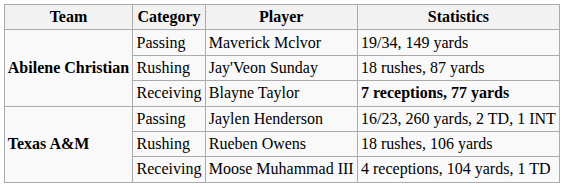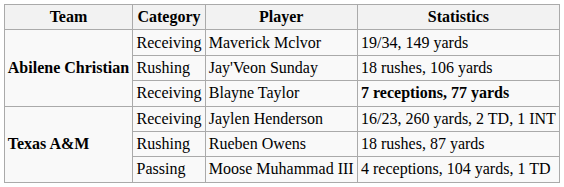 <table class="wikitable" style="float: right;">
 <tr>
 <th>Team</th>
 <th>Category</th>
 <th>Player</th>
 <th>Statistics</th>
 </tr>
 <tr>
 <td rowspan=3><strong>Abilene Christian</strong></td>
-<td>Passing</td>
+<td>Receiving</td>
 <td>Maverick Mclvor</td>
 <td>19/34, 149 yards</td>
 </tr>
 <tr>
 <td>Rushing</td>
 <td>Jay'Veon Sunday</td>
-<td>18 rushes, 87 yards</td>
+<td>18 rushes, 106 yards</td>
 </tr>
 <tr>
 <td>Receiving</td>
 <td>Blayne Taylor</td>
 <td><strong>7 receptions, 77 yards</strong></td>
 </tr>
 <tr>
 <td rowspan=3><strong>Texas A&M</strong></td>
-<td>Passing</td>
+<td>Receiving</td>
 <td>Jaylen Henderson</td>
 <td>16/23, 260 yards, 2 TD, 1 INT</td>
 </tr>
 <tr>
 <td>Rushing</td>
 <td>Rueben Owens</td>
-<td>18 rushes, 106 yards</td>
+<td>18 rushes, 87 yards</td>
 </tr>
 <tr>
-<td>Receiving</td>
+<td>Passing</td>
 <td>Moose Muhammad III</td>
 <td>4 receptions, 104 yards, 1 TD</td>
 </tr>
 </table>
